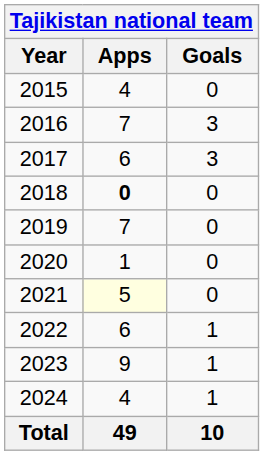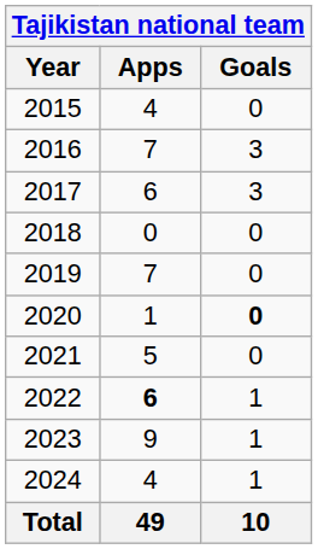 <table class="wikitable" style="text-align:center">
 <tr>
 <th colspan=3><a href='#'>Tajikistan national team</a></th>
 </tr>
 <tr>
 <th>Year</th>
 <th>Apps</th>
 <th>Goals</th>
 </tr>
 <tr>
 <td>2015</td>
 <td>4</td>
 <td>0</td>
 </tr>
 <tr>
 <td>2016</td>
 <td>7</td>
 <td>3</td>
 </tr>
 <tr>
 <td>2017</td>
 <td>6</td>
 <td>3</td>
 </tr>
 <tr>
 <td>2018</td>
-<td><strong>0</strong></td>
+<td>0</td>
 <td>0</td>
 </tr>
 <tr>
 <td>2019</td>
 <td>7</td>
 <td>0</td>
 </tr>
 <tr>
 <td>2020</td>
 <td>1</td>
-<td>0</td>
+<td><strong>0</strong></td>
 </tr>
 <tr>
 <td>2021</td>
-<td style="background: lightyellow;">5</td>
+<td>5</td>
 <td>0</td>
 </tr>
 <tr>
 <td>2022</td>
-<td>6</td>
+<td><strong>6</strong></td>
 <td>1</td>
 </tr>
 <tr>
 <td>2023</td>
 <td>9</td>
 <td>1</td>
 </tr>
 <tr>
 <td>2024</td>
 <td>4</td>
 <td>1</td>
 </tr>
 <tr>
 <th>Total</th>
 <th>49</th>
 <th>10</th>
 </tr>
 </table>
